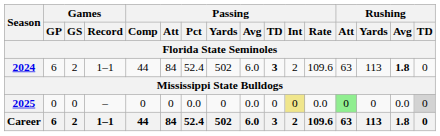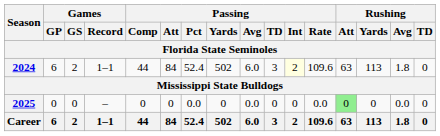 <table class="wikitable" style="text-align:center;">
 <tr>
 <th rowspan="2">Season</th>
 <th colspan="3">Games</th>
 <th colspan="8">Passing</th>
 <th colspan="5">Rushing</th>
 </tr>
 <tr>
 <th>GP</th>
 <th>GS</th>
 <th>Record</th>
 <th>Comp</th>
 <th>Att</th>
 <th>Pct</th>
 <th>Yards</th>
 <th>Avg</th>
 <th>TD</th>
 <th>Int</th>
 <th>Rate</th>
 <th>Att</th>
 <th>Yards</th>
 <th>Avg</th>
 <th>TD</th>
 </tr>
 <tr>
 <th colspan="17">Florida State Seminoles</th>
 </tr>
 <tr>
 <th><a href='#'>2024</a></th>
 <td>6</td>
 <td>2</td>
 <td>1–1</td>
 <td>44</td>
 <td>84</td>
 <td>52.4</td>
 <td>502</td>
 <td>6.0</td>
-<td><strong>3</strong></td>
-<td>2</td>
+<td>3</td>
+<td style="background: lightyellow;">2</td>
 <td>109.6</td>
 <td>63</td>
 <td>113</td>
-<td><strong>1.8</strong></td>
+<td>1.8</td>
 <td>0</td>
 </tr>
 <tr>
 <th colspan="17">Mississippi State Bulldogs</th>
 </tr>
 <tr>
 <th><a href='#'>2025</a></th>
 <td>0</td>
 <td>0</td>
 <td>–</td>
 <td>0</td>
 <td>0</td>
 <td>0.0</td>
 <td>0</td>
 <td>0.0</td>
 <td>0</td>
-<td style="background: khaki;">0</td>
+<td>0</td>
 <td>0.0</td>
 <td style="background: lightgreen;">0</td>
 <td>0</td>
 <td>0.0</td>
-<td style="background: lightgrey;">0</td>
+<td>0</td>
 </tr>
 <tr>
 <th>Career</th>
 <th>6</th>
 <th>2</th>
 <th>1–1</th>
 <th>44</th>
 <th>84</th>
 <th>52.4</th>
 <th>502</th>
 <th>6.0</th>
 <th>3</th>
 <th>2</th>
 <th>109.6</th>
 <th>63</th>
 <th>113</th>
 <th>1.8</th>
 <th>0</th>
 </tr>
 </table>
